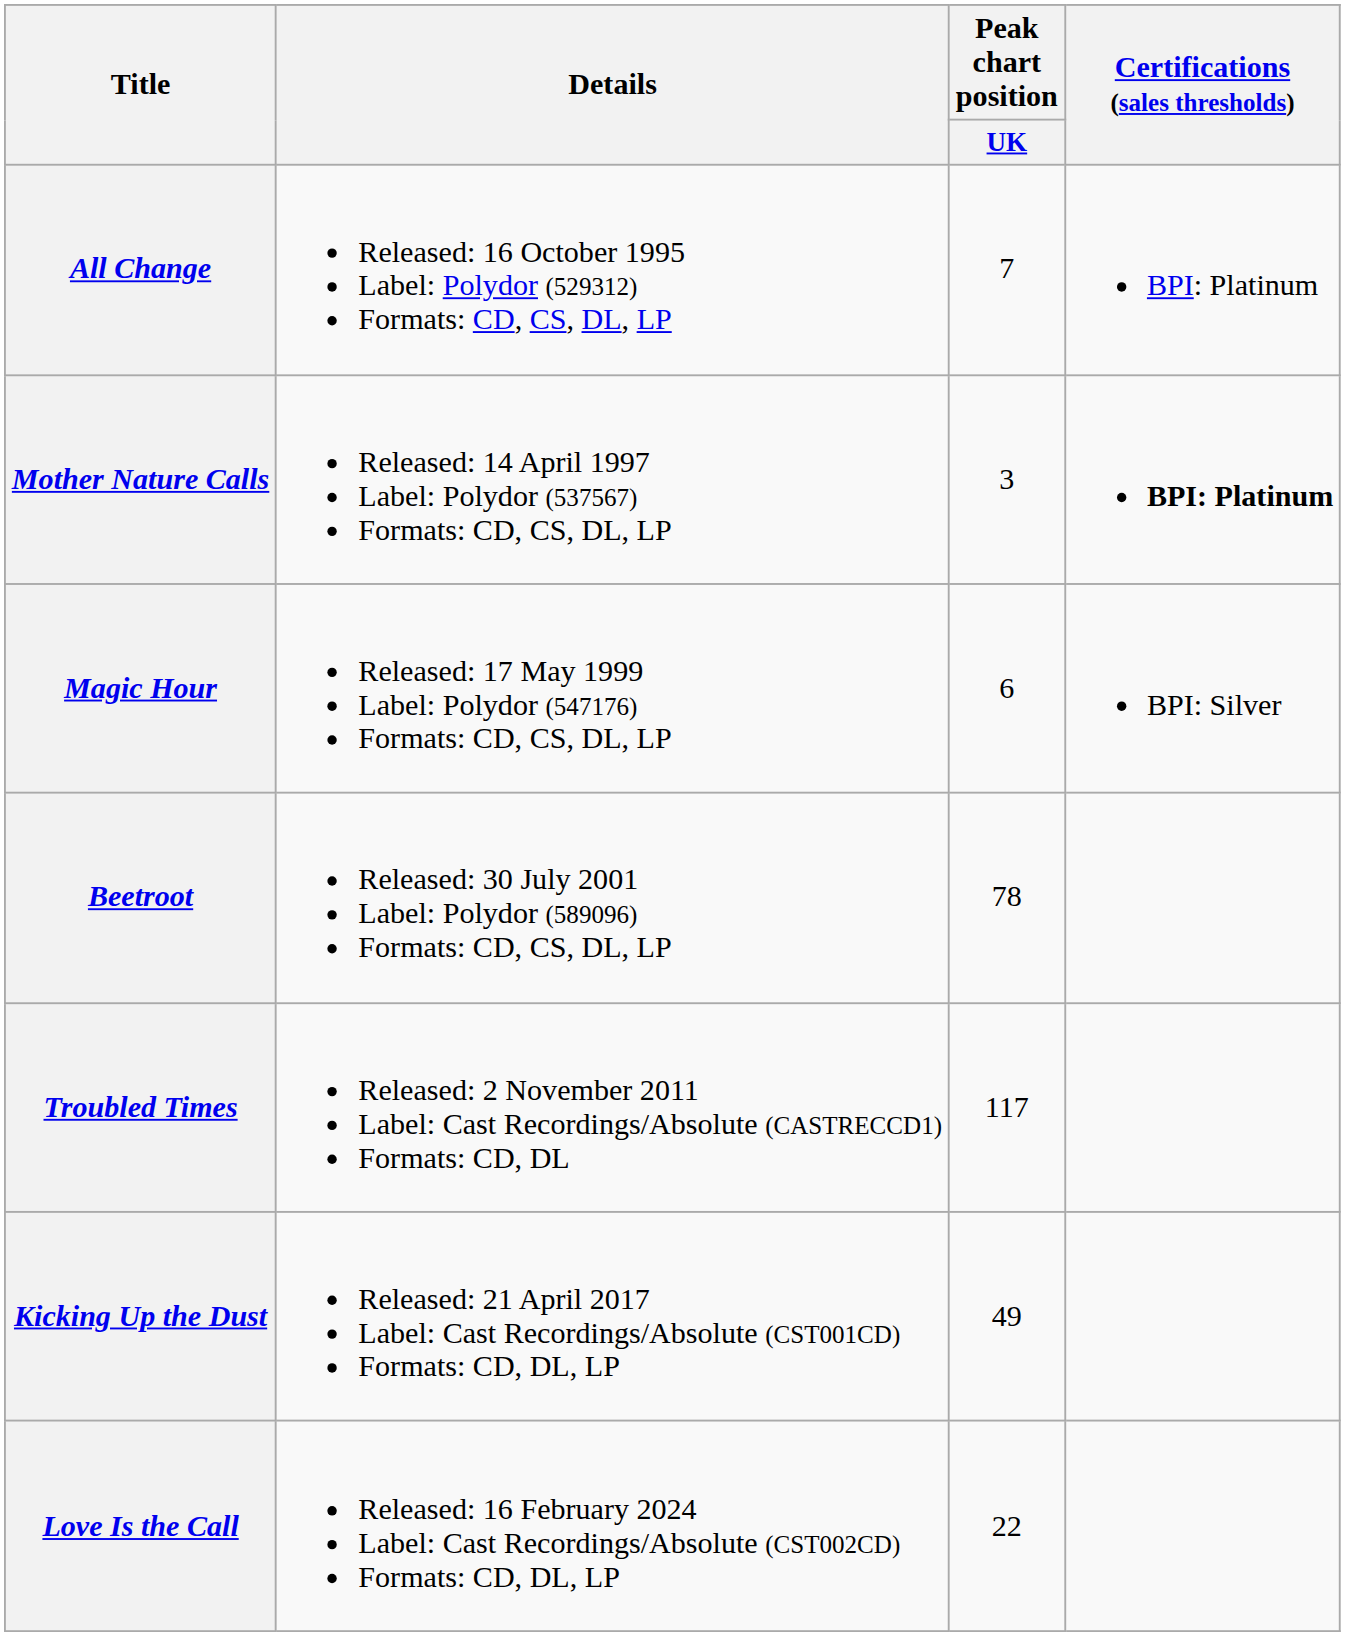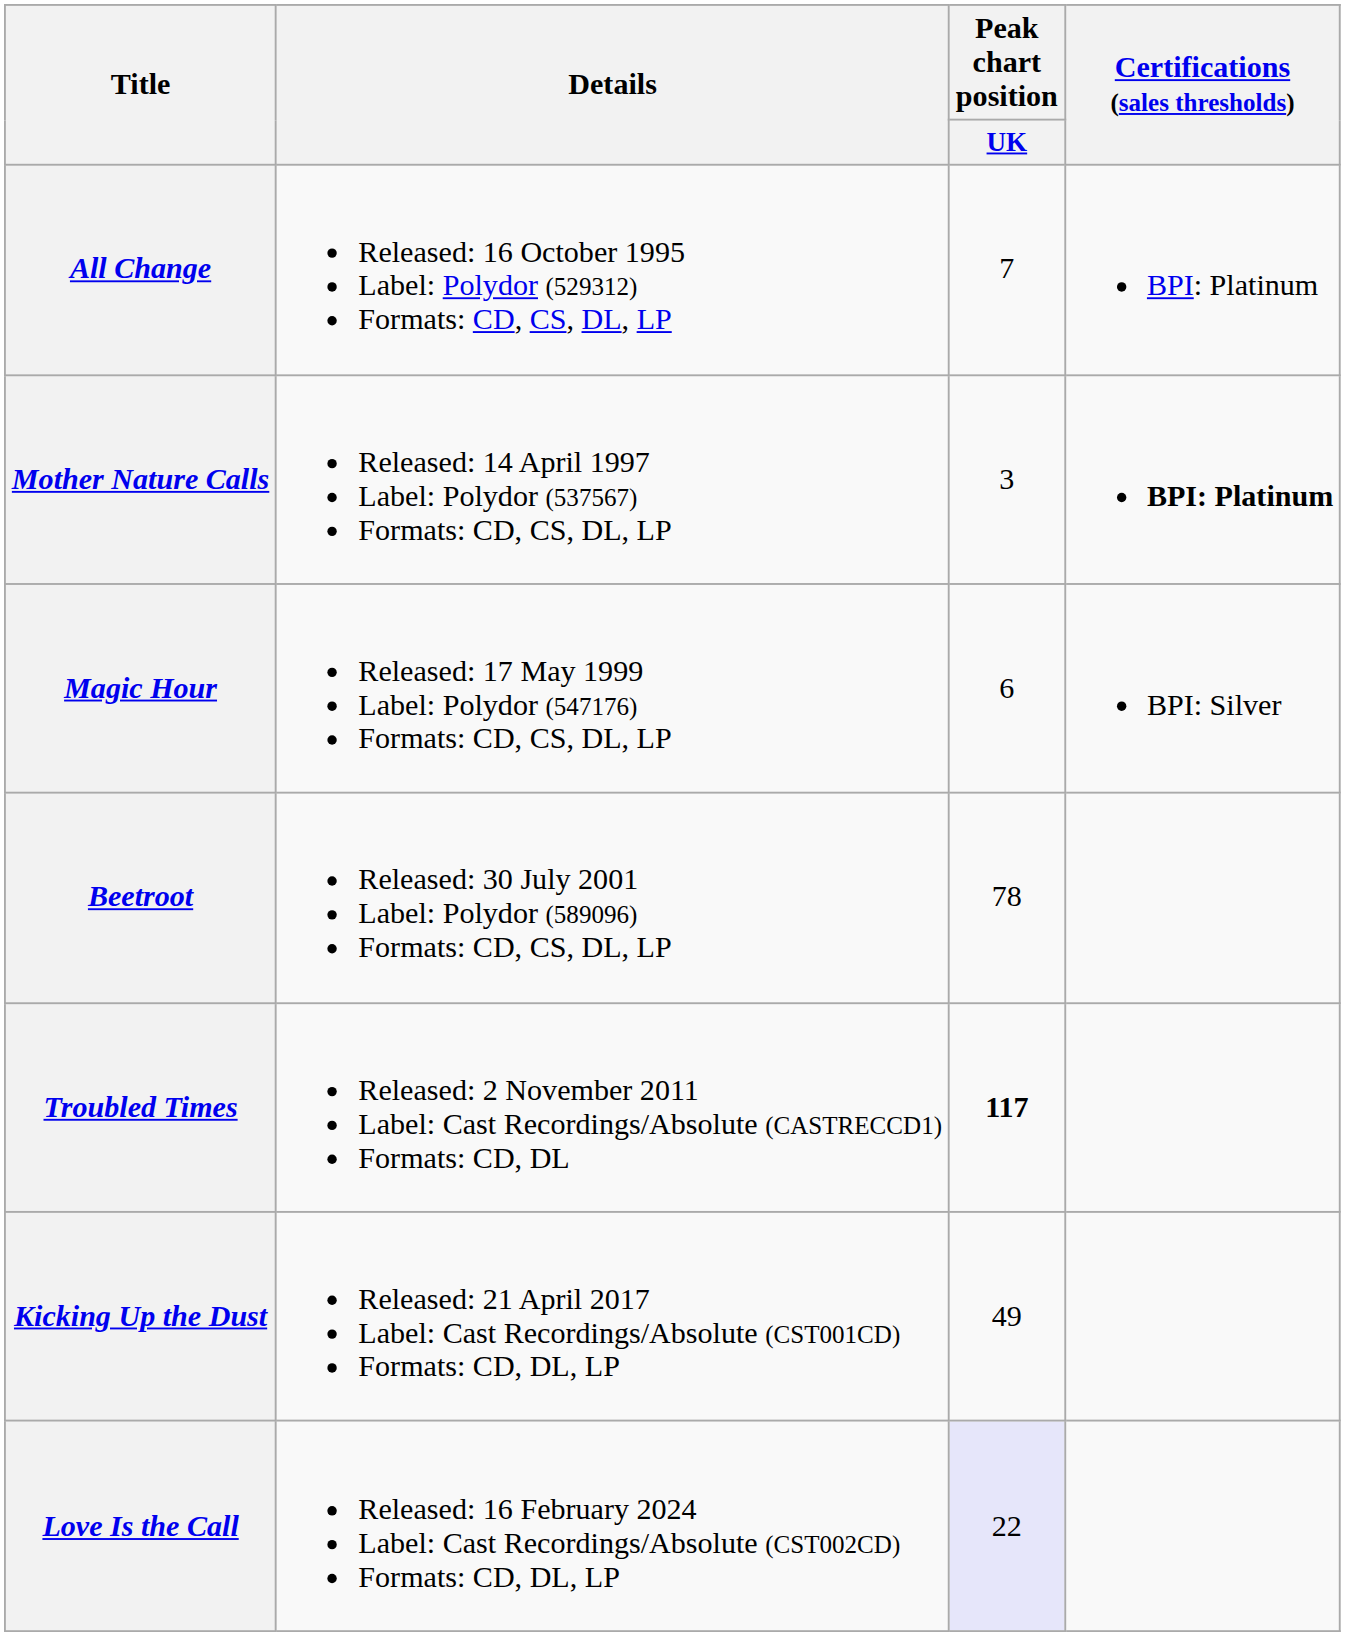 <table class="wikitable plainrowheaders">
 <tr>
 <th scope="col" rowspan="2">Title</th>
 <th scope="col" rowspan="2">Details</th>
 <th scope="col">Peak chart position</th>
 <th scope="col" rowspan="2"><a href='#'>Certifications</a><br><small>(<a href='#'>sales thresholds</a>)</small></th>
 </tr>
 <tr>
 <th scope="col" style="width:3em;font-size:90%"><a href='#'>UK</a><br></th>
 </tr>
 <tr>
 <th scope="row"><em><a href='#'>All Change</a></em></th>
 <td><br><ul><li>Released: 16 October 1995</li><li>Label: <a href='#'>Polydor</a> <small>(529312)</small></li><li>Formats: <a href='#'>CD</a>, <a href='#'>CS</a>, <a href='#'>DL</a>, <a href='#'>LP</a></li></ul></td>
 <td align=center>7</td>
 <td><br><ul><li><a href='#'>BPI</a>: Platinum</li></ul></td>
 </tr>
 <tr>
 <th scope="row"><em><a href='#'>Mother Nature Calls</a></em></th>
 <td><br><ul><li>Released: 14 April 1997</li><li>Label: Polydor <small>(537567)</small></li><li>Formats: CD, CS, DL, LP</li></ul></td>
 <td align=center>3</td>
 <td><strong><br><ul><li>BPI: Platinum</li></ul></strong></td>
 </tr>
 <tr>
 <th scope="row"><em><a href='#'>Magic Hour</a></em></th>
 <td><br><ul><li>Released: 17 May 1999</li><li>Label: Polydor <small>(547176)</small></li><li>Formats: CD, CS, DL, LP</li></ul></td>
 <td align=center>6</td>
 <td><br><ul><li>BPI: Silver</li></ul></td>
 </tr>
 <tr>
 <th scope="row"><em><a href='#'>Beetroot</a></em></th>
 <td><br><ul><li>Released: 30 July 2001</li><li>Label: Polydor <small>(589096)</small></li><li>Formats: CD, CS, DL, LP</li></ul></td>
 <td align=center>78</td>
 <td></td>
 </tr>
 <tr>
 <th scope="row"><em><a href='#'>Troubled Times</a></em></th>
 <td><br><ul><li>Released: 2 November 2011</li><li>Label: Cast Recordings/Absolute <small>(CASTRECCD1)</small></li><li>Formats: CD, DL</li></ul></td>
-<td align=center>117</td>
+<td align=center><strong>117</strong></td>
 <td></td>
 </tr>
 <tr>
 <th scope="row"><em><a href='#'>Kicking Up the Dust</a></em></th>
 <td><br><ul><li>Released: 21 April 2017</li><li>Label: Cast Recordings/Absolute <small>(CST001CD)</small></li><li>Formats: CD, DL, LP</li></ul></td>
 <td align=center>49</td>
 <td></td>
 </tr>
 <tr>
 <th scope="row"><em><a href='#'>Love Is the Call</a></em></th>
 <td><br><ul><li>Released: 16 February 2024</li><li>Label: Cast Recordings/Absolute <small>(CST002CD)</small></li><li>Formats: CD, DL, LP</li></ul></td>
-<td align=center>22</td>
+<td align=center style="background: lavender;">22</td>
 <td></td>
 </tr>
 </table>
